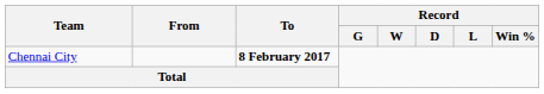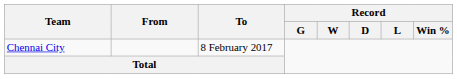 <table class="wikitable" style="text-align: center">
 <tr>
 <th rowspan=2! width=150>Team</th>
 <th rowspan=2! width=120>From</th>
 <th rowspan=2! width=120>To</th>
 <th colspan=7>Record</th>
 </tr>
 <tr>
 <th width=40>G</th>
 <th width=40>W</th>
 <th width=40>D</th>
 <th width=40>L</th>
 <th width=50>Win %</th>
 </tr>
 <tr>
 <td align=left><a href='#'>Chennai City</a></td>
 <td align=left></td>
-<td align=left><strong>8 February 2017<br></strong></td>
+<td align=left>8 February 2017<br></td>
 </tr>
 <tr>
 <th colspan=3>Total<br></th>
 </tr>
 </table>
